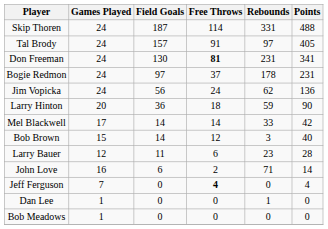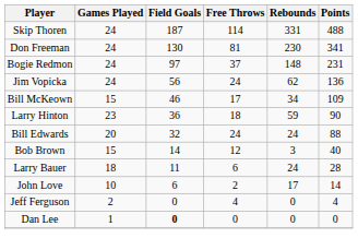 <table class="wikitable sortable">
 <tr>
 <th>Player</th>
 <th>Games Played</th>
 <th>Field Goals</th>
 <th>Free Throws</th>
 <th>Rebounds</th>
 <th>Points</th>
 </tr>
 <tr align="center" bgcolor="">
 <td>Skip Thoren</td>
 <td>24</td>
 <td>187</td>
 <td>114</td>
 <td>331</td>
 <td>488</td>
 </tr>
 <tr align="center" bgcolor="">
-<td>Tal Brody</td>
-<td>24</td>
-<td>157</td>
-<td>91</td>
-<td>97</td>
-<td>405</td>
-</tr>
-<tr align="center" bgcolor="">
 <td>Don Freeman</td>
 <td>24</td>
 <td>130</td>
-<td><strong>81</strong></td>
-<td>231</td>
+<td>81</td>
+<td>230</td>
 <td>341</td>
 </tr>
 <tr align="center" bgcolor="">
 <td>Bogie Redmon</td>
 <td>24</td>
 <td>97</td>
 <td>37</td>
-<td>178</td>
+<td>148</td>
 <td>231</td>
 </tr>
 <tr align="center" bgcolor="">
 <td>Jim Vopicka</td>
 <td>24</td>
 <td>56</td>
 <td>24</td>
 <td>62</td>
 <td>136</td>
 </tr>
 <tr align="center" bgcolor="">
+<td>Bill McKeown</td>
+<td>15</td>
+<td>46</td>
+<td>17</td>
+<td>34</td>
+<td>109</td>
+</tr>
+<tr align="center" bgcolor="">
 <td>Larry Hinton</td>
-<td>20</td>
+<td>23</td>
 <td>36</td>
 <td>18</td>
 <td>59</td>
 <td>90</td>
 </tr>
 <tr align="center" bgcolor="">
-<td>Mel Blackwell</td>
-<td>17</td>
-<td>14</td>
-<td>14</td>
-<td>33</td>
-<td>42</td>
+<td>Bill Edwards</td>
+<td>20</td>
+<td>32</td>
+<td>24</td>
+<td>24</td>
+<td>88</td>
 </tr>
 <tr align="center" bgcolor="">
 <td>Bob Brown</td>
 <td>15</td>
 <td>14</td>
 <td>12</td>
 <td>3</td>
 <td>40</td>
 </tr>
 <tr align="center" bgcolor="">
 <td>Larry Bauer</td>
-<td>12</td>
+<td>18</td>
 <td>11</td>
 <td>6</td>
-<td>23</td>
+<td>24</td>
 <td>28</td>
 </tr>
 <tr align="center" bgcolor="">
 <td>John Love</td>
-<td>16</td>
+<td>10</td>
 <td>6</td>
 <td>2</td>
-<td>71</td>
+<td>17</td>
 <td>14</td>
 </tr>
 <tr align="center" bgcolor="">
 <td>Jeff Ferguson</td>
-<td>7</td>
+<td>2</td>
 <td>0</td>
-<td><strong>4</strong></td>
+<td>4</td>
 <td>0</td>
 <td>4</td>
 </tr>
 <tr align="center" bgcolor="">
 <td>Dan Lee</td>
 <td>1</td>
-<td>0</td>
-<td>0</td>
-<td>1</td>
-<td>0</td>
-</tr>
-<tr align="center">
-<td>Bob Meadows</td>
-<td>1</td>
-<td>0</td>
+<td><strong>0</strong></td>
 <td>0</td>
 <td>0</td>
 <td>0</td>
 </tr>
 <tr align="center">
 </tr>
 </table>
